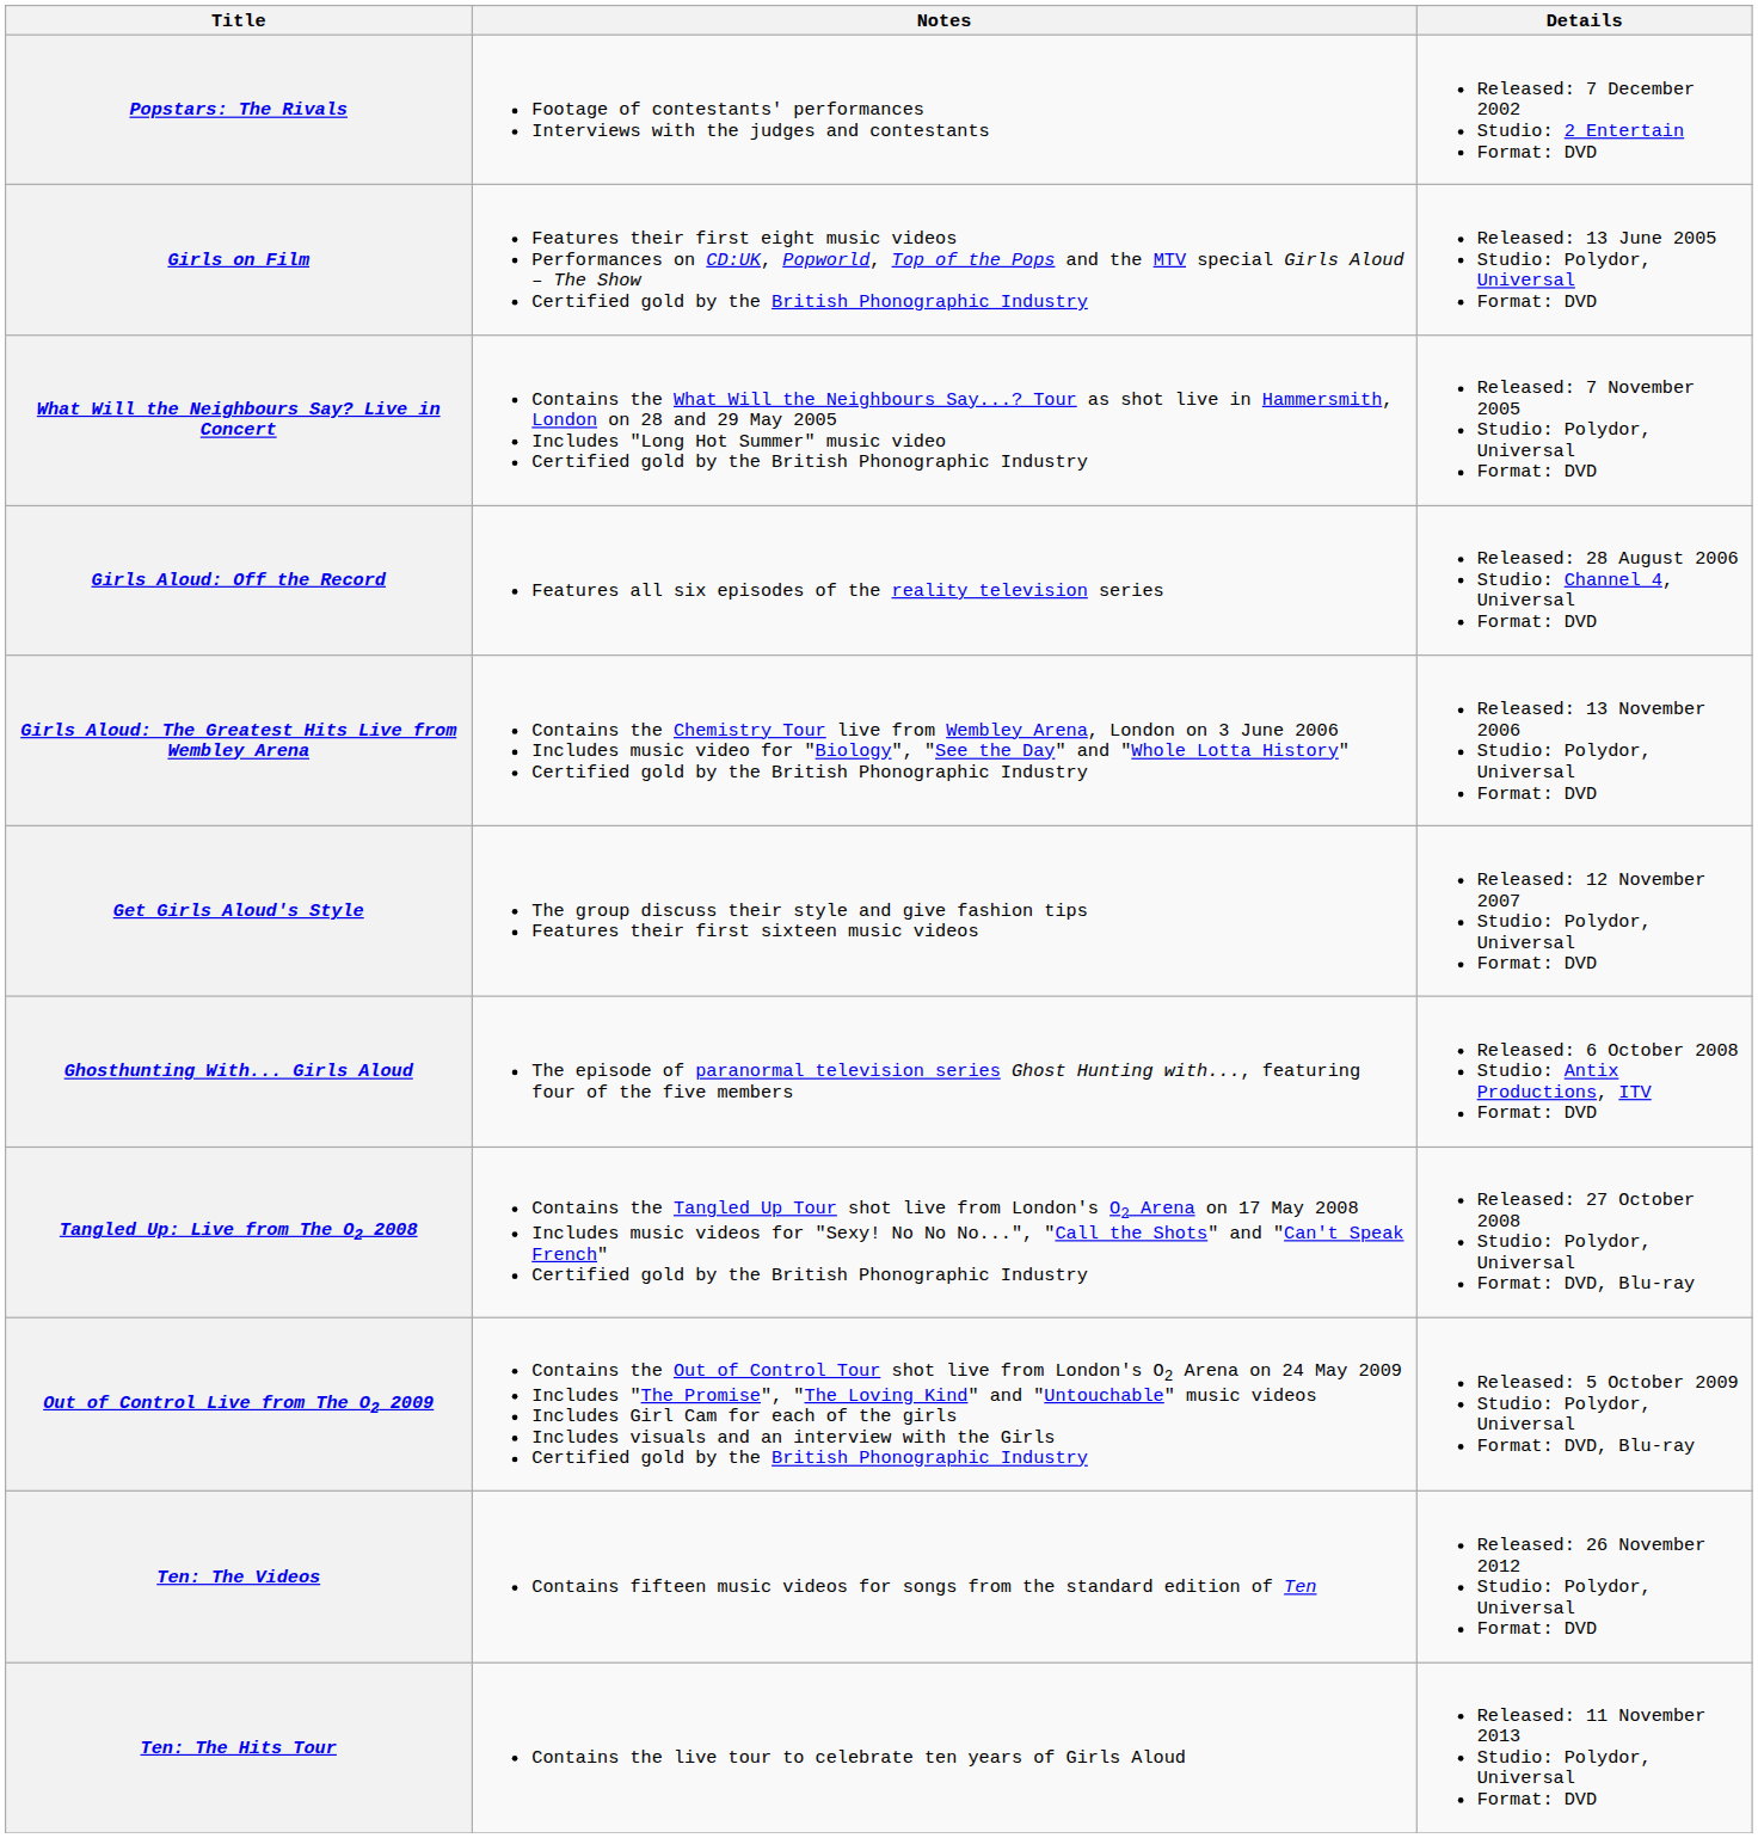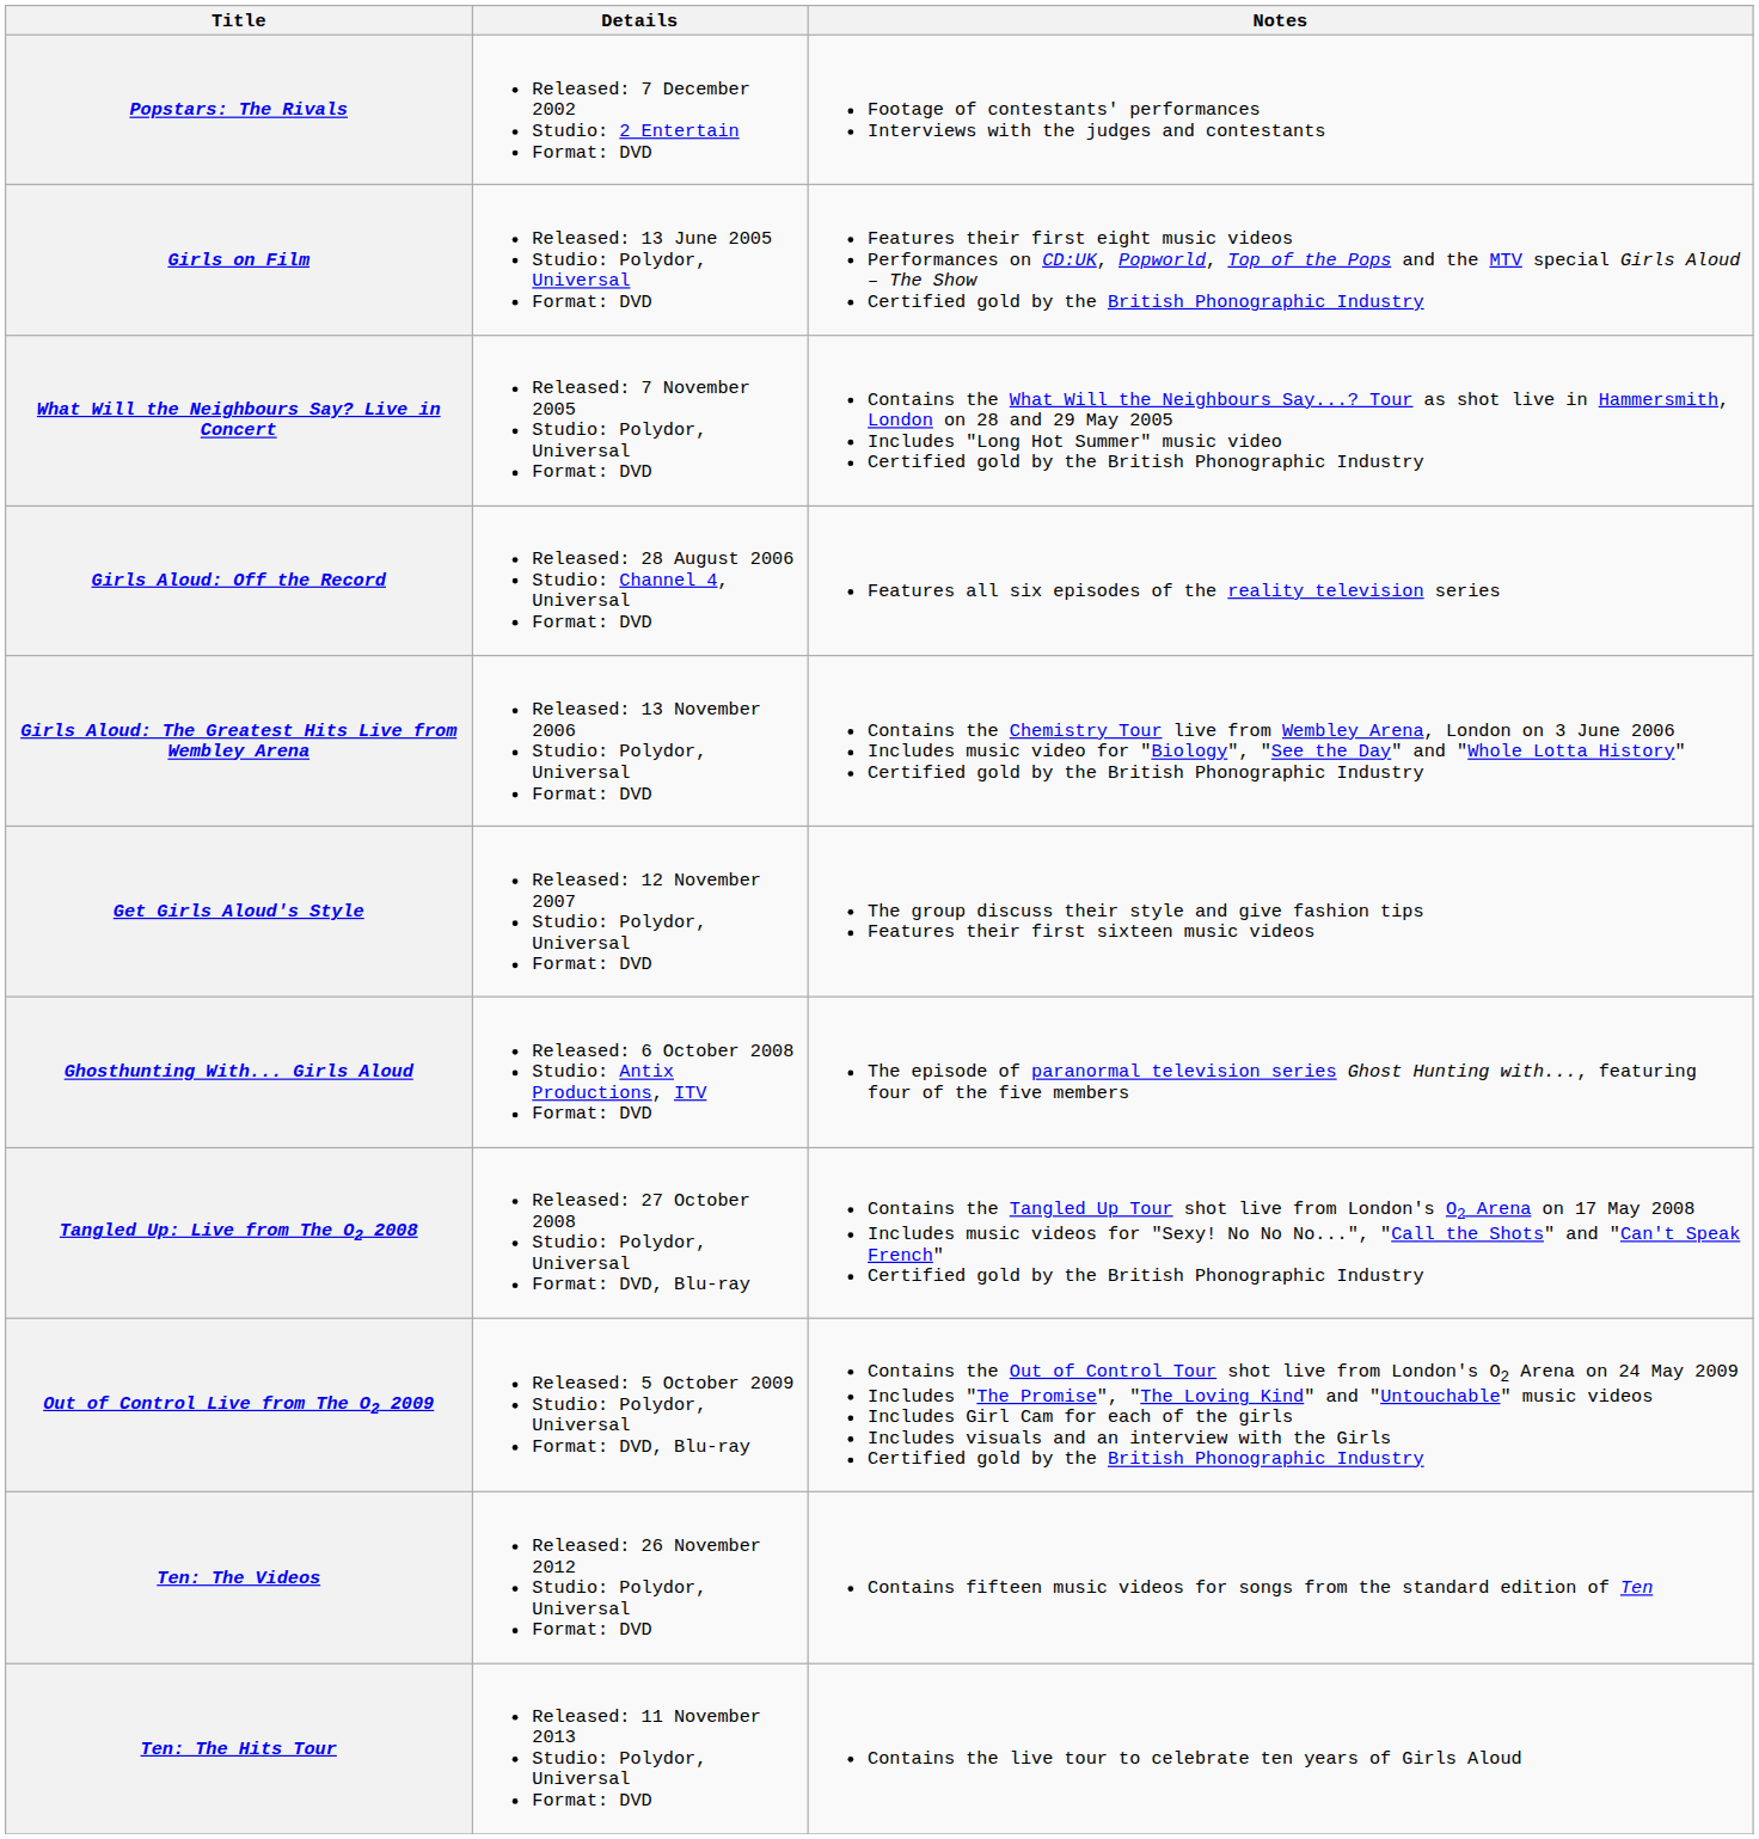 <table class="wikitable plainrowheaders">
 <tr>
 <th scope=col>Title</th>
+<th scope=col>Details</th>
 <th scope=col>Notes</th>
-<th scope=col>Details</th>
 </tr>
 <tr>
 <th scope=row><em><a href='#'>Popstars: The Rivals</a></em></th>
+<td><br><ul><li>Released: 7 December 2002</li><li>Studio: <a href='#'>2 Entertain</a></li><li>Format: DVD</li></ul></td>
 <td><br><ul><li>Footage of contestants' performances</li><li>Interviews with the judges and contestants</li></ul></td>
-<td><br><ul><li>Released: 7 December 2002</li><li>Studio: <a href='#'>2 Entertain</a></li><li>Format: DVD</li></ul></td>
 </tr>
 <tr>
 <th scope=row><em><a href='#'>Girls on Film</a></em></th>
+<td><br><ul><li>Released: 13 June 2005</li><li>Studio: Polydor, <a href='#'>Universal</a></li><li>Format: DVD</li></ul></td>
 <td><br><ul><li>Features their first eight music videos</li><li>Performances on <em><a href='#'>CD:UK</a></em>, <em><a href='#'>Popworld</a></em>, <em><a href='#'>Top of the Pops</a></em> and the <a href='#'>MTV</a> special <em>Girls Aloud – The Show</em></li><li>Certified gold by the <a href='#'>British Phonographic Industry</a></li></ul></td>
-<td><br><ul><li>Released: 13 June 2005</li><li>Studio: Polydor, <a href='#'>Universal</a></li><li>Format: DVD</li></ul></td>
 </tr>
 <tr>
 <th scope=row><em><a href='#'>What Will the Neighbours Say? Live in Concert</a></em></th>
+<td><br><ul><li>Released: 7 November 2005</li><li>Studio: Polydor, Universal</li><li>Format: DVD</li></ul></td>
 <td><br><ul><li>Contains the <a href='#'>What Will the Neighbours Say...? Tour</a> as shot live in <a href='#'>Hammersmith</a>, <a href='#'>London</a> on 28 and 29 May 2005</li><li>Includes "Long Hot Summer" music video</li><li>Certified gold by the British Phonographic Industry</li></ul></td>
-<td><br><ul><li>Released: 7 November 2005</li><li>Studio: Polydor, Universal</li><li>Format: DVD</li></ul></td>
 </tr>
 <tr>
 <th scope=row><em><a href='#'>Girls Aloud: Off the Record</a></em></th>
+<td><br><ul><li>Released: 28 August 2006</li><li>Studio: <a href='#'>Channel 4</a>, Universal</li><li>Format: DVD</li></ul></td>
 <td><br><ul><li>Features all six episodes of the <a href='#'>reality television</a> series</li></ul></td>
-<td><br><ul><li>Released: 28 August 2006</li><li>Studio: <a href='#'>Channel 4</a>, Universal</li><li>Format: DVD</li></ul></td>
 </tr>
 <tr>
 <th scope=row><em><a href='#'>Girls Aloud: The Greatest Hits Live from Wembley Arena</a></em></th>
+<td><br><ul><li>Released: 13 November 2006</li><li>Studio: Polydor, Universal</li><li>Format: DVD</li></ul></td>
 <td><br><ul><li>Contains the <a href='#'>Chemistry Tour</a> live from <a href='#'>Wembley Arena</a>, London on 3 June 2006</li><li>Includes music video for "<a href='#'>Biology</a>", "<a href='#'>See the Day</a>" and "<a href='#'>Whole Lotta History</a>"</li><li>Certified gold by the British Phonographic Industry</li></ul></td>
-<td><br><ul><li>Released: 13 November 2006</li><li>Studio: Polydor, Universal</li><li>Format: DVD</li></ul></td>
 </tr>
 <tr>
 <th scope=row><em><a href='#'>Get Girls Aloud's Style</a></em></th>
+<td><br><ul><li>Released: 12 November 2007</li><li>Studio: Polydor, Universal</li><li>Format: DVD</li></ul></td>
 <td><br><ul><li>The group discuss their style and give fashion tips</li><li>Features their first sixteen music videos</li></ul></td>
-<td><br><ul><li>Released: 12 November 2007</li><li>Studio: Polydor, Universal</li><li>Format: DVD</li></ul></td>
 </tr>
 <tr>
 <th scope=row><em><a href='#'>Ghosthunting With... Girls Aloud</a></em></th>
+<td><br><ul><li>Released: 6 October 2008</li><li>Studio: <a href='#'>Antix Productions</a>, <a href='#'>ITV</a></li><li>Format: DVD</li></ul></td>
 <td><br><ul><li>The episode of <a href='#'>paranormal television series</a> <em>Ghost Hunting with...</em>, featuring four of the five members</li></ul></td>
-<td><br><ul><li>Released: 6 October 2008</li><li>Studio: <a href='#'>Antix Productions</a>, <a href='#'>ITV</a></li><li>Format: DVD</li></ul></td>
 </tr>
 <tr>
 <th scope=row><em><a href='#'>Tangled Up: Live from The O<sub>2</sub> 2008</a></em></th>
+<td><br><ul><li>Released: 27 October 2008</li><li>Studio: Polydor, Universal</li><li>Format: DVD, Blu-ray</li></ul></td>
 <td><br><ul><li>Contains the <a href='#'>Tangled Up Tour</a> shot live from London's <a href='#'>O<sub>2</sub> Arena</a> on 17 May 2008</li><li>Includes music videos for "Sexy! No No No...", "<a href='#'>Call the Shots</a>" and "<a href='#'>Can't Speak French</a>"</li><li>Certified gold by the British Phonographic Industry</li></ul></td>
-<td><br><ul><li>Released: 27 October 2008</li><li>Studio: Polydor, Universal</li><li>Format: DVD, Blu-ray</li></ul></td>
 </tr>
 <tr>
 <th scope=row><em><a href='#'>Out of Control Live from The O<sub>2</sub> 2009</a></em></th>
+<td><br><ul><li>Released: 5 October 2009</li><li>Studio: Polydor, Universal</li><li>Format: DVD, Blu-ray</li></ul></td>
 <td><br><ul><li>Contains the <a href='#'>Out of Control Tour</a> shot live from London's O<sub>2</sub> Arena on 24 May 2009</li><li>Includes "<a href='#'>The Promise</a>", "<a href='#'>The Loving Kind</a>" and "<a href='#'>Untouchable</a>" music videos</li><li>Includes Girl Cam for each of the girls</li><li>Includes visuals and an interview with the Girls</li><li>Certified gold by the <a href='#'>British Phonographic Industry</a></li></ul></td>
-<td><br><ul><li>Released: 5 October 2009</li><li>Studio: Polydor, Universal</li><li>Format: DVD, Blu-ray</li></ul></td>
 </tr>
 <tr>
 <th scope=row><em><a href='#'>Ten: The Videos</a></em></th>
+<td><br><ul><li>Released: 26 November 2012</li><li>Studio: Polydor, Universal</li><li>Format: DVD</li></ul></td>
 <td><br><ul><li>Contains fifteen music videos for songs from the standard edition of <em><a href='#'>Ten</a></em></li></ul></td>
-<td><br><ul><li>Released: 26 November 2012</li><li>Studio: Polydor, Universal</li><li>Format: DVD</li></ul></td>
 </tr>
 <tr>
 <th scope=row><em><a href='#'>Ten: The Hits Tour</a></em></th>
+<td><br><ul><li>Released: 11 November 2013</li><li>Studio: Polydor, Universal</li><li>Format: DVD</li></ul></td>
 <td><br><ul><li>Contains the live tour to celebrate ten years of Girls Aloud</li></ul></td>
-<td><br><ul><li>Released: 11 November 2013</li><li>Studio: Polydor, Universal</li><li>Format: DVD</li></ul></td>
 </tr>
 </table>
